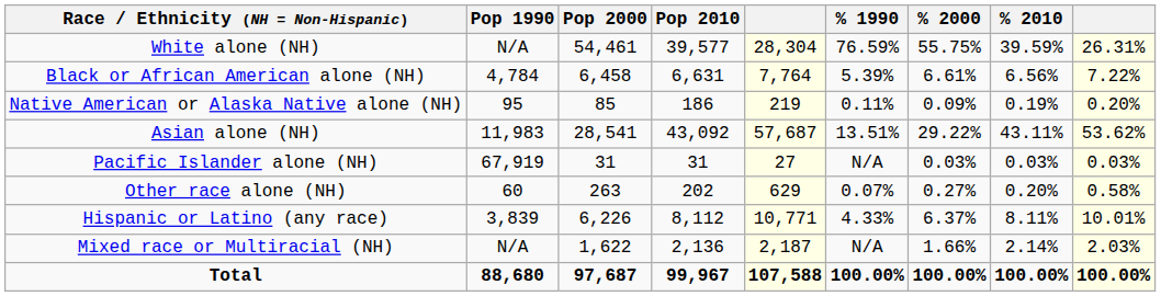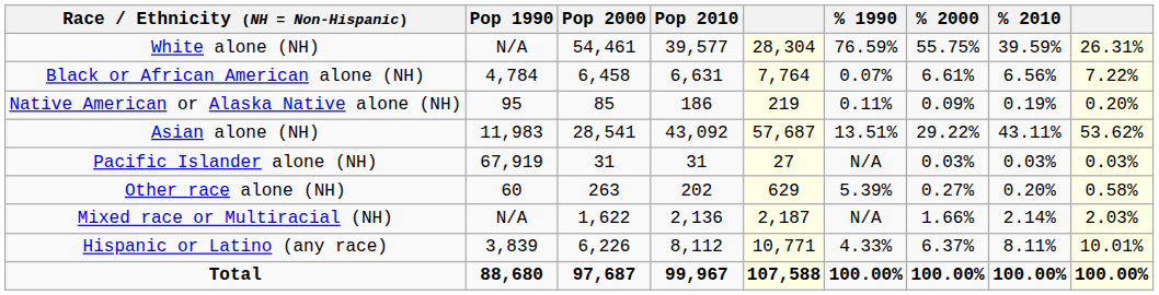 <table class="wikitable" style="text-align:center;">
 <tr>
 <th>Race / Ethnicity <small>(<em>NH = Non-Hispanic</em>)</small></th>
 <th>Pop 1990</th>
 <th>Pop 2000</th>
 <th>Pop 2010</th>
 <th></th>
 <th>% 1990</th>
 <th>% 2000</th>
 <th>% 2010</th>
 <th></th>
 </tr>
 <tr>
 <td><a href='#'>White</a> alone (NH)</td>
 <td>N/A</td>
 <td>54,461</td>
 <td>39,577</td>
 <td style='background: #ffffe6;'>28,304</td>
 <td>76.59%</td>
 <td>55.75%</td>
 <td>39.59%</td>
 <td style='background: #ffffe6;'>26.31%</td>
 </tr>
 <tr>
 <td><a href='#'>Black or African American</a> alone (NH)</td>
 <td>4,784</td>
 <td>6,458</td>
 <td>6,631</td>
 <td style='background: #ffffe6;'>7,764</td>
-<td>5.39%</td>
+<td>0.07%</td>
 <td>6.61%</td>
 <td>6.56%</td>
 <td style='background: #ffffe6;'>7.22%</td>
 </tr>
 <tr>
 <td><a href='#'>Native American</a> or <a href='#'>Alaska Native</a> alone (NH)</td>
 <td>95</td>
 <td>85</td>
 <td>186</td>
 <td style='background: #ffffe6;'>219</td>
 <td>0.11%</td>
 <td>0.09%</td>
 <td>0.19%</td>
 <td style='background: #ffffe6;'>0.20%</td>
 </tr>
 <tr>
 <td><a href='#'>Asian</a> alone (NH)</td>
 <td>11,983</td>
 <td>28,541</td>
 <td>43,092</td>
 <td style='background: #ffffe6;'>57,687</td>
 <td>13.51%</td>
 <td>29.22%</td>
 <td>43.11%</td>
 <td style='background: #ffffe6;'>53.62%</td>
 </tr>
 <tr>
 <td><a href='#'>Pacific Islander</a> alone (NH)</td>
 <td>67,919</td>
 <td>31</td>
 <td>31</td>
 <td style='background: #ffffe6;'>27</td>
 <td>N/A</td>
 <td>0.03%</td>
 <td>0.03%</td>
 <td style='background: #ffffe6;'>0.03%</td>
 </tr>
 <tr>
 <td><a href='#'>Other race</a> alone (NH)</td>
 <td>60</td>
 <td>263</td>
 <td>202</td>
 <td style='background: #ffffe6;'>629</td>
-<td>0.07%</td>
+<td>5.39%</td>
 <td>0.27%</td>
 <td>0.20%</td>
 <td style='background: #ffffe6;'>0.58%</td>
+</tr>
+<tr>
+<td><a href='#'>Mixed race or Multiracial</a> (NH)</td>
+<td>N/A</td>
+<td>1,622</td>
+<td>2,136</td>
+<td style='background: #ffffe6;'>2,187</td>
+<td>N/A</td>
+<td>1.66%</td>
+<td>2.14%</td>
+<td style='background: #ffffe6;'>2.03%</td>
 </tr>
 <tr>
 <td><a href='#'>Hispanic or Latino</a> (any race)</td>
 <td>3,839</td>
 <td>6,226</td>
 <td>8,112</td>
 <td style='background: #ffffe6;'>10,771</td>
 <td>4.33%</td>
 <td>6.37%</td>
 <td>8.11%</td>
 <td style='background: #ffffe6;'>10.01%</td>
 </tr>
 <tr>
-<td><a href='#'>Mixed race or Multiracial</a> (NH)</td>
-<td>N/A</td>
-<td>1,622</td>
-<td>2,136</td>
-<td style='background: #ffffe6;'>2,187</td>
-<td>N/A</td>
-<td>1.66%</td>
-<td>2.14%</td>
-<td style='background: #ffffe6;'>2.03%</td>
-</tr>
-<tr>
 <td><strong>Total</strong></td>
 <td><strong>88,680</strong></td>
 <td><strong>97,687</strong></td>
 <td><strong>99,967</strong></td>
 <td style='background: #ffffe6;'><strong>107,588</strong></td>
 <td><strong>100.00%</strong></td>
 <td><strong>100.00%</strong></td>
 <td><strong>100.00%</strong></td>
 <td style='background: #ffffe6;'><strong>100.00%</strong></td>
 </tr>
 </table>
